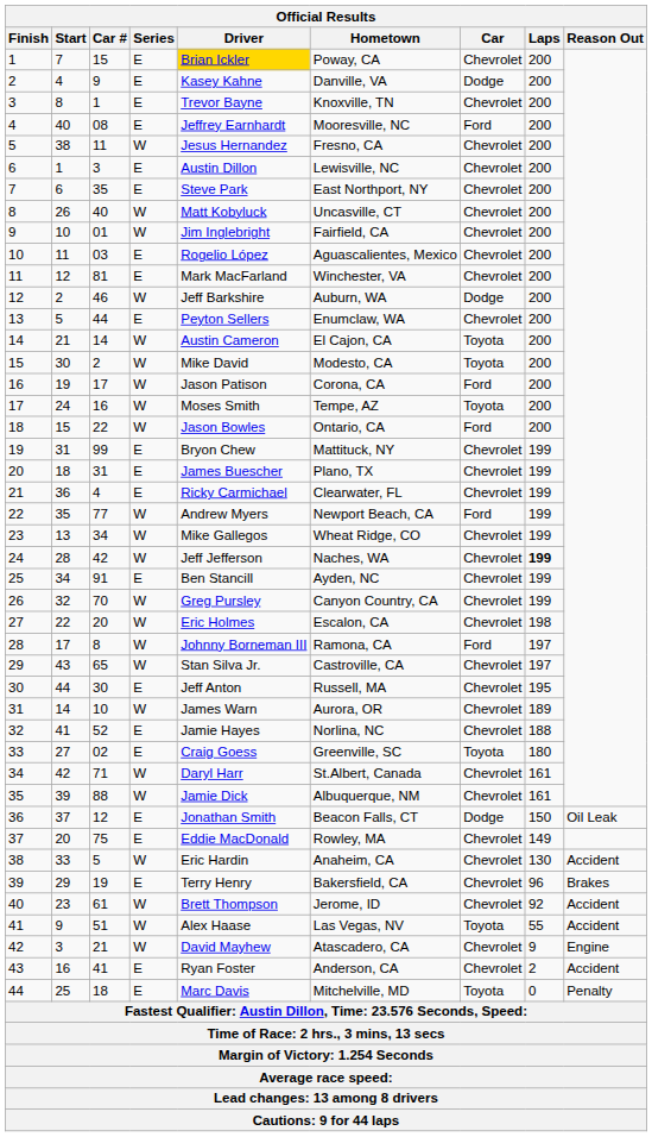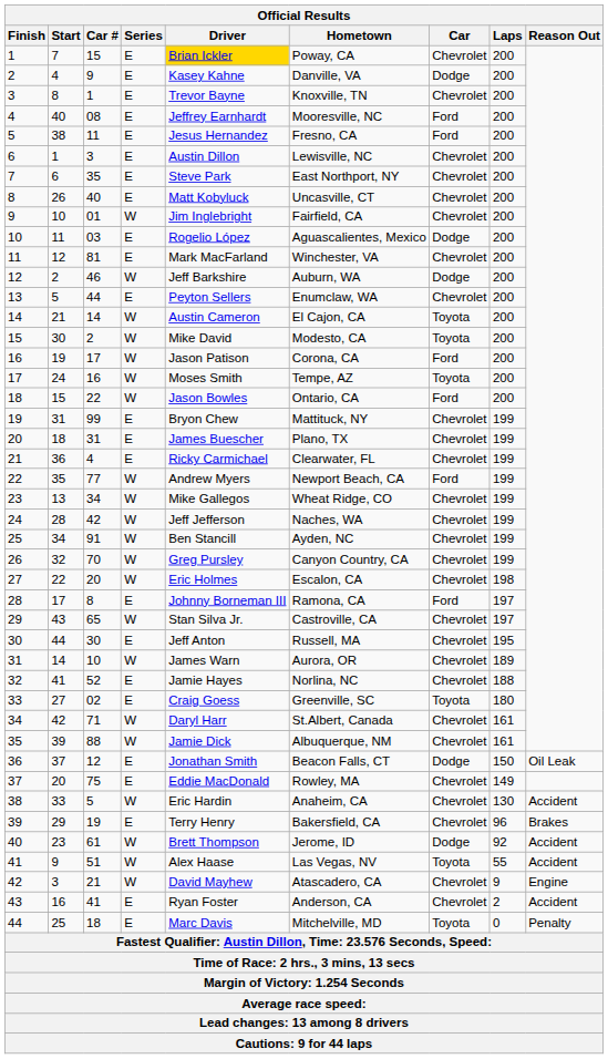 <table class="wikitable" style="font-size: 90%;">
 <tr>
 <th colspan=9>Official Results</th>
 </tr>
 <tr>
 <th>Finish</th>
 <th>Start</th>
 <th>Car #</th>
 <th>Series</th>
 <th>Driver</th>
 <th>Hometown</th>
 <th>Car</th>
 <th>Laps</th>
 <th>Reason Out</th>
 </tr>
 <tr>
 <td>1</td>
 <td>7</td>
 <td>15</td>
 <td>E</td>
 <td style="background: gold;"><a href='#'>Brian Ickler</a></td>
 <td>Poway, CA</td>
 <td>Chevrolet</td>
 <td>200</td>
 </tr>
 <tr>
 <td>2</td>
 <td>4</td>
 <td>9</td>
 <td>E</td>
 <td><a href='#'>Kasey Kahne</a></td>
 <td>Danville, VA</td>
 <td>Dodge</td>
 <td>200</td>
 </tr>
 <tr>
 <td>3</td>
 <td>8</td>
 <td>1</td>
 <td>E</td>
 <td><a href='#'>Trevor Bayne</a></td>
 <td>Knoxville, TN</td>
 <td>Chevrolet</td>
 <td>200</td>
 </tr>
 <tr>
 <td>4</td>
 <td>40</td>
 <td>08</td>
 <td>E</td>
 <td><a href='#'>Jeffrey Earnhardt</a></td>
 <td>Mooresville, NC</td>
 <td>Ford</td>
 <td>200</td>
 </tr>
 <tr>
 <td>5</td>
 <td>38</td>
 <td>11</td>
-<td>W</td>
+<td>E</td>
 <td><a href='#'>Jesus Hernandez</a></td>
 <td>Fresno, CA</td>
-<td>Chevrolet</td>
+<td>Ford</td>
 <td>200</td>
 </tr>
 <tr>
 <td>6</td>
 <td>1</td>
 <td>3</td>
 <td>E</td>
 <td><a href='#'>Austin Dillon</a></td>
 <td>Lewisville, NC</td>
 <td>Chevrolet</td>
 <td>200</td>
 </tr>
 <tr>
 <td>7</td>
 <td>6</td>
 <td>35</td>
 <td>E</td>
 <td><a href='#'>Steve Park</a></td>
 <td>East Northport, NY</td>
 <td>Chevrolet</td>
 <td>200</td>
 </tr>
 <tr>
 <td>8</td>
 <td>26</td>
 <td>40</td>
-<td>W</td>
+<td>E</td>
 <td><a href='#'>Matt Kobyluck</a></td>
 <td>Uncasville, CT</td>
 <td>Chevrolet</td>
 <td>200</td>
 </tr>
 <tr>
 <td>9</td>
 <td>10</td>
 <td>01</td>
 <td>W</td>
 <td><a href='#'>Jim Inglebright</a></td>
 <td>Fairfield, CA</td>
 <td>Chevrolet</td>
 <td>200</td>
 </tr>
 <tr>
 <td>10</td>
 <td>11</td>
 <td>03</td>
 <td>E</td>
 <td><a href='#'>Rogelio López</a></td>
 <td>Aguascalientes, Mexico</td>
-<td>Chevrolet</td>
+<td>Dodge</td>
 <td>200</td>
 </tr>
 <tr>
 <td>11</td>
 <td>12</td>
 <td>81</td>
 <td>E</td>
 <td>Mark MacFarland</td>
 <td>Winchester, VA</td>
 <td>Chevrolet</td>
 <td>200</td>
 </tr>
 <tr>
 <td>12</td>
 <td>2</td>
 <td>46</td>
 <td>W</td>
 <td>Jeff Barkshire</td>
 <td>Auburn, WA</td>
 <td>Dodge</td>
 <td>200</td>
 </tr>
 <tr>
 <td>13</td>
 <td>5</td>
 <td>44</td>
 <td>E</td>
 <td><a href='#'>Peyton Sellers</a></td>
 <td>Enumclaw, WA</td>
 <td>Chevrolet</td>
 <td>200</td>
 </tr>
 <tr>
 <td>14</td>
 <td>21</td>
 <td>14</td>
 <td>W</td>
 <td><a href='#'>Austin Cameron</a></td>
 <td>El Cajon, CA</td>
 <td>Toyota</td>
 <td>200</td>
 </tr>
 <tr>
 <td>15</td>
 <td>30</td>
 <td>2</td>
 <td>W</td>
 <td>Mike David</td>
 <td>Modesto, CA</td>
 <td>Toyota</td>
 <td>200</td>
 </tr>
 <tr>
 <td>16</td>
 <td>19</td>
 <td>17</td>
 <td>W</td>
 <td>Jason Patison</td>
 <td>Corona, CA</td>
 <td>Ford</td>
 <td>200</td>
 </tr>
 <tr>
 <td>17</td>
 <td>24</td>
 <td>16</td>
 <td>W</td>
 <td>Moses Smith</td>
 <td>Tempe, AZ</td>
 <td>Toyota</td>
 <td>200</td>
 </tr>
 <tr>
 <td>18</td>
 <td>15</td>
 <td>22</td>
 <td>W</td>
 <td><a href='#'>Jason Bowles</a></td>
 <td>Ontario, CA</td>
 <td>Ford</td>
 <td>200</td>
 </tr>
 <tr>
 <td>19</td>
 <td>31</td>
 <td>99</td>
 <td>E</td>
 <td>Bryon Chew</td>
 <td>Mattituck, NY</td>
 <td>Chevrolet</td>
 <td>199</td>
 </tr>
 <tr>
 <td>20</td>
 <td>18</td>
 <td>31</td>
 <td>E</td>
 <td><a href='#'>James Buescher</a></td>
 <td>Plano, TX</td>
 <td>Chevrolet</td>
 <td>199</td>
 </tr>
 <tr>
 <td>21</td>
 <td>36</td>
 <td>4</td>
 <td>E</td>
 <td><a href='#'>Ricky Carmichael</a></td>
 <td>Clearwater, FL</td>
 <td>Chevrolet</td>
 <td>199</td>
 </tr>
 <tr>
 <td>22</td>
 <td>35</td>
 <td>77</td>
 <td>W</td>
 <td>Andrew Myers</td>
 <td>Newport Beach, CA</td>
 <td>Ford</td>
 <td>199</td>
 </tr>
 <tr>
 <td>23</td>
 <td>13</td>
 <td>34</td>
 <td>W</td>
 <td>Mike Gallegos</td>
 <td>Wheat Ridge, CO</td>
 <td>Chevrolet</td>
 <td>199</td>
 </tr>
 <tr>
 <td>24</td>
 <td>28</td>
 <td>42</td>
 <td>W</td>
 <td>Jeff Jefferson</td>
 <td>Naches, WA</td>
 <td>Chevrolet</td>
-<td><strong>199</strong></td>
+<td>199</td>
 </tr>
 <tr>
 <td>25</td>
 <td>34</td>
 <td>91</td>
-<td>E</td>
+<td>W</td>
 <td>Ben Stancill</td>
 <td>Ayden, NC</td>
 <td>Chevrolet</td>
 <td>199</td>
 </tr>
 <tr>
 <td>26</td>
 <td>32</td>
 <td>70</td>
 <td>W</td>
 <td><a href='#'>Greg Pursley</a></td>
 <td>Canyon Country, CA</td>
 <td>Chevrolet</td>
 <td>199</td>
 </tr>
 <tr>
 <td>27</td>
 <td>22</td>
 <td>20</td>
 <td>W</td>
 <td><a href='#'>Eric Holmes</a></td>
 <td>Escalon, CA</td>
 <td>Chevrolet</td>
 <td>198</td>
 </tr>
 <tr>
 <td>28</td>
 <td>17</td>
 <td>8</td>
-<td>W</td>
+<td>E</td>
 <td><a href='#'>Johnny Borneman III</a></td>
 <td>Ramona, CA</td>
 <td>Ford</td>
 <td>197</td>
 </tr>
 <tr>
 <td>29</td>
 <td>43</td>
 <td>65</td>
 <td>W</td>
 <td>Stan Silva Jr.</td>
 <td>Castroville, CA</td>
 <td>Chevrolet</td>
 <td>197</td>
 </tr>
 <tr>
 <td>30</td>
 <td>44</td>
 <td>30</td>
 <td>E</td>
 <td>Jeff Anton</td>
 <td>Russell, MA</td>
 <td>Chevrolet</td>
 <td>195</td>
 </tr>
 <tr>
 <td>31</td>
 <td>14</td>
 <td>10</td>
 <td>W</td>
 <td>James Warn</td>
 <td>Aurora, OR</td>
 <td>Chevrolet</td>
 <td>189</td>
 </tr>
 <tr>
 <td>32</td>
 <td>41</td>
 <td>52</td>
 <td>E</td>
 <td>Jamie Hayes</td>
 <td>Norlina, NC</td>
 <td>Chevrolet</td>
 <td>188</td>
 </tr>
 <tr>
 <td>33</td>
 <td>27</td>
 <td>02</td>
 <td>E</td>
 <td><a href='#'>Craig Goess</a></td>
 <td>Greenville, SC</td>
 <td>Toyota</td>
 <td>180</td>
 </tr>
 <tr>
 <td>34</td>
 <td>42</td>
 <td>71</td>
 <td>W</td>
 <td><a href='#'>Daryl Harr</a></td>
 <td>St.Albert, Canada</td>
 <td>Chevrolet</td>
 <td>161</td>
 </tr>
 <tr>
 <td>35</td>
 <td>39</td>
 <td>88</td>
 <td>W</td>
 <td><a href='#'>Jamie Dick</a></td>
 <td>Albuquerque, NM</td>
 <td>Chevrolet</td>
 <td>161</td>
 </tr>
 <tr>
 <td>36</td>
 <td>37</td>
 <td>12</td>
 <td>E</td>
 <td><a href='#'>Jonathan Smith</a></td>
 <td>Beacon Falls, CT</td>
 <td>Dodge</td>
 <td>150</td>
 <td>Oil Leak</td>
 </tr>
 <tr>
 <td>37</td>
 <td>20</td>
 <td>75</td>
 <td>E</td>
 <td><a href='#'>Eddie MacDonald</a></td>
 <td>Rowley, MA</td>
 <td>Chevrolet</td>
 <td>149</td>
 </tr>
 <tr>
 <td>38</td>
 <td>33</td>
 <td>5</td>
 <td>W</td>
 <td>Eric Hardin</td>
 <td>Anaheim, CA</td>
 <td>Chevrolet</td>
 <td>130</td>
 <td>Accident</td>
 </tr>
 <tr>
 <td>39</td>
 <td>29</td>
 <td>19</td>
 <td>E</td>
 <td>Terry Henry</td>
 <td>Bakersfield, CA</td>
 <td>Chevrolet</td>
 <td>96</td>
 <td>Brakes</td>
 </tr>
 <tr>
 <td>40</td>
 <td>23</td>
 <td>61</td>
 <td>W</td>
 <td><a href='#'>Brett Thompson</a></td>
 <td>Jerome, ID</td>
-<td>Chevrolet</td>
+<td>Dodge</td>
 <td>92</td>
 <td>Accident</td>
 </tr>
 <tr>
 <td>41</td>
 <td>9</td>
 <td>51</td>
 <td>W</td>
 <td>Alex Haase</td>
 <td>Las Vegas, NV</td>
 <td>Toyota</td>
 <td>55</td>
 <td>Accident</td>
 </tr>
 <tr>
 <td>42</td>
 <td>3</td>
 <td>21</td>
 <td>W</td>
 <td><a href='#'>David Mayhew</a></td>
 <td>Atascadero, CA</td>
 <td>Chevrolet</td>
 <td>9</td>
 <td>Engine</td>
 </tr>
 <tr>
 <td>43</td>
 <td>16</td>
 <td>41</td>
 <td>E</td>
 <td>Ryan Foster</td>
 <td>Anderson, CA</td>
 <td>Chevrolet</td>
 <td>2</td>
 <td>Accident</td>
 </tr>
 <tr>
 <td>44</td>
 <td>25</td>
 <td>18</td>
 <td>E</td>
 <td><a href='#'>Marc Davis</a></td>
 <td>Mitchelville, MD</td>
 <td>Toyota</td>
 <td>0</td>
 <td>Penalty</td>
 </tr>
 <tr>
 <th colspan=9>Fastest Qualifier: <a href='#'>Austin Dillon</a>, Time: 23.576 Seconds, Speed: </th>
 </tr>
 <tr>
 <th colspan=9>Time of Race: 2 hrs., 3 mins, 13 secs</th>
 </tr>
 <tr>
 <th colspan=9>Margin of Victory: 1.254 Seconds</th>
 </tr>
 <tr>
 <th colspan=9>Average race speed: </th>
 </tr>
 <tr>
 <th colspan=9>Lead changes: 13 among 8 drivers</th>
 </tr>
 <tr>
 <th colspan=9>Cautions: 9 for 44 laps</th>
 </tr>
 </table>
